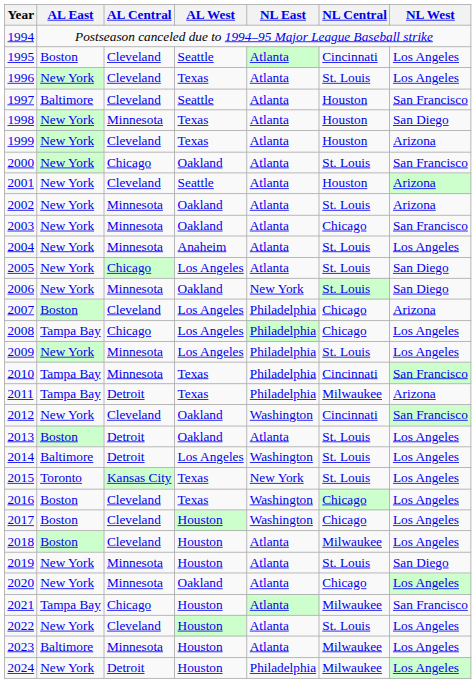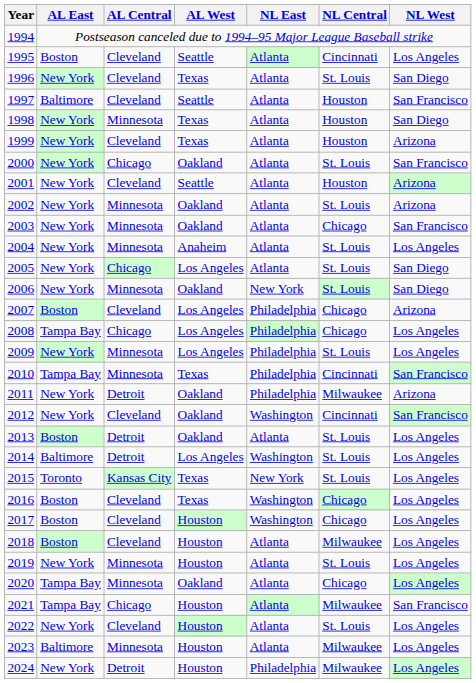 <table class="wikitable sortable">
 <tr>
 <th>Year</th>
 <th><a href='#'>AL East</a></th>
 <th><a href='#'>AL Central</a></th>
 <th><a href='#'>AL West</a></th>
 <th><a href='#'>NL East</a></th>
 <th><a href='#'>NL Central</a></th>
 <th><a href='#'>NL West</a></th>
 </tr>
 <tr>
 <td><a href='#'>1994</a></td>
 <td colspan="6" align=center><em>Postseason canceled due to <a href='#'>1994–95 Major League Baseball strike</a></em></td>
 </tr>
 <tr>
 <td><a href='#'>1995</a></td>
 <td><a href='#'>Boston</a></td>
 <td><a href='#'>Cleveland</a></td>
 <td><a href='#'>Seattle</a></td>
 <td bgcolor="#ccffcc"><a href='#'>Atlanta</a></td>
 <td><a href='#'>Cincinnati</a></td>
 <td><a href='#'>Los Angeles</a></td>
 </tr>
 <tr>
 <td><a href='#'>1996</a></td>
 <td bgcolor="#ccffcc"><a href='#'>New York</a></td>
 <td><a href='#'>Cleveland</a></td>
 <td><a href='#'>Texas</a></td>
 <td><a href='#'>Atlanta</a></td>
 <td><a href='#'>St. Louis</a></td>
-<td><a href='#'>Los Angeles</a></td>
+<td><a href='#'>San Diego</a></td>
 </tr>
 <tr>
 <td><a href='#'>1997</a></td>
 <td><a href='#'>Baltimore</a></td>
 <td><a href='#'>Cleveland</a></td>
 <td><a href='#'>Seattle</a></td>
 <td><a href='#'>Atlanta</a></td>
 <td><a href='#'>Houston</a></td>
 <td><a href='#'>San Francisco</a></td>
 </tr>
 <tr>
 <td><a href='#'>1998</a></td>
 <td bgcolor="#ccffcc"><a href='#'>New York</a></td>
 <td><a href='#'>Minnesota</a></td>
 <td><a href='#'>Texas</a></td>
 <td><a href='#'>Atlanta</a></td>
 <td><a href='#'>Houston</a></td>
 <td><a href='#'>San Diego</a></td>
 </tr>
 <tr>
 <td><a href='#'>1999</a></td>
 <td bgcolor="#ccffcc"><a href='#'>New York</a></td>
 <td><a href='#'>Cleveland</a></td>
 <td><a href='#'>Texas</a></td>
 <td><a href='#'>Atlanta</a></td>
 <td><a href='#'>Houston</a></td>
 <td><a href='#'>Arizona</a></td>
 </tr>
 <tr>
 <td><a href='#'>2000</a></td>
 <td bgcolor="#ccffcc"><a href='#'>New York</a></td>
 <td><a href='#'>Chicago</a></td>
 <td><a href='#'>Oakland</a></td>
 <td><a href='#'>Atlanta</a></td>
 <td><a href='#'>St. Louis</a></td>
 <td><a href='#'>San Francisco</a></td>
 </tr>
 <tr>
 <td><a href='#'>2001</a></td>
 <td><a href='#'>New York</a></td>
 <td><a href='#'>Cleveland</a></td>
 <td><a href='#'>Seattle</a></td>
 <td><a href='#'>Atlanta</a></td>
 <td><a href='#'>Houston</a></td>
 <td bgcolor="#ccffcc"><a href='#'>Arizona</a></td>
 </tr>
 <tr>
 <td><a href='#'>2002</a></td>
 <td><a href='#'>New York</a></td>
 <td><a href='#'>Minnesota</a></td>
 <td><a href='#'>Oakland</a></td>
 <td><a href='#'>Atlanta</a></td>
 <td><a href='#'>St. Louis</a></td>
 <td><a href='#'>Arizona</a></td>
 </tr>
 <tr>
 <td><a href='#'>2003</a></td>
 <td><a href='#'>New York</a></td>
 <td><a href='#'>Minnesota</a></td>
 <td><a href='#'>Oakland</a></td>
 <td><a href='#'>Atlanta</a></td>
 <td><a href='#'>Chicago</a></td>
 <td><a href='#'>San Francisco</a></td>
 </tr>
 <tr>
 <td><a href='#'>2004</a></td>
 <td><a href='#'>New York</a></td>
 <td><a href='#'>Minnesota</a></td>
 <td><a href='#'>Anaheim</a></td>
 <td><a href='#'>Atlanta</a></td>
 <td><a href='#'>St. Louis</a></td>
 <td><a href='#'>Los Angeles</a></td>
 </tr>
 <tr>
 <td><a href='#'>2005</a></td>
 <td><a href='#'>New York</a></td>
 <td bgcolor="#ccffcc"><a href='#'>Chicago</a></td>
 <td><a href='#'>Los Angeles</a></td>
 <td><a href='#'>Atlanta</a></td>
 <td><a href='#'>St. Louis</a></td>
 <td><a href='#'>San Diego</a></td>
 </tr>
 <tr>
 <td><a href='#'>2006</a></td>
 <td><a href='#'>New York</a></td>
 <td><a href='#'>Minnesota</a></td>
 <td><a href='#'>Oakland</a></td>
 <td><a href='#'>New York</a></td>
 <td bgcolor="#ccffcc"><a href='#'>St. Louis</a></td>
 <td><a href='#'>San Diego</a></td>
 </tr>
 <tr>
 <td><a href='#'>2007</a></td>
 <td bgcolor="#ccffcc"><a href='#'>Boston</a></td>
 <td><a href='#'>Cleveland</a></td>
 <td><a href='#'>Los Angeles</a></td>
 <td><a href='#'>Philadelphia</a></td>
 <td><a href='#'>Chicago</a></td>
 <td><a href='#'>Arizona</a></td>
 </tr>
 <tr>
 <td><a href='#'>2008</a></td>
 <td><a href='#'>Tampa Bay</a></td>
 <td><a href='#'>Chicago</a></td>
 <td><a href='#'>Los Angeles</a></td>
 <td bgcolor="#ccffcc"><a href='#'>Philadelphia</a></td>
 <td><a href='#'>Chicago</a></td>
 <td><a href='#'>Los Angeles</a></td>
 </tr>
 <tr>
 <td><a href='#'>2009</a></td>
 <td bgcolor="#ccffcc"><a href='#'>New York</a></td>
 <td><a href='#'>Minnesota</a></td>
 <td><a href='#'>Los Angeles</a></td>
 <td><a href='#'>Philadelphia</a></td>
 <td><a href='#'>St. Louis</a></td>
 <td><a href='#'>Los Angeles</a></td>
 </tr>
 <tr>
 <td><a href='#'>2010</a></td>
 <td><a href='#'>Tampa Bay</a></td>
 <td><a href='#'>Minnesota</a></td>
 <td><a href='#'>Texas</a></td>
 <td><a href='#'>Philadelphia</a></td>
 <td><a href='#'>Cincinnati</a></td>
 <td bgcolor="#ccffcc"><a href='#'>San Francisco</a></td>
 </tr>
 <tr>
 <td><a href='#'>2011</a></td>
-<td><a href='#'>Tampa Bay</a></td>
+<td><a href='#'>New York</a></td>
 <td><a href='#'>Detroit</a></td>
-<td><a href='#'>Texas</a></td>
+<td><a href='#'>Oakland</a></td>
 <td><a href='#'>Philadelphia</a></td>
 <td><a href='#'>Milwaukee</a></td>
 <td><a href='#'>Arizona</a></td>
 </tr>
 <tr>
 <td><a href='#'>2012</a></td>
 <td><a href='#'>New York</a></td>
 <td><a href='#'>Cleveland</a></td>
 <td><a href='#'>Oakland</a></td>
 <td><a href='#'>Washington</a></td>
 <td><a href='#'>Cincinnati</a></td>
 <td bgcolor="#ccffcc"><a href='#'>San Francisco</a></td>
 </tr>
 <tr>
 <td><a href='#'>2013</a></td>
 <td bgcolor="#ccffcc"><a href='#'>Boston</a></td>
 <td><a href='#'>Detroit</a></td>
 <td><a href='#'>Oakland</a></td>
 <td><a href='#'>Atlanta</a></td>
 <td><a href='#'>St. Louis</a></td>
 <td><a href='#'>Los Angeles</a></td>
 </tr>
 <tr>
 <td><a href='#'>2014</a></td>
 <td><a href='#'>Baltimore</a></td>
 <td><a href='#'>Detroit</a></td>
 <td><a href='#'>Los Angeles</a></td>
 <td><a href='#'>Washington</a></td>
 <td><a href='#'>St. Louis</a></td>
 <td><a href='#'>Los Angeles</a></td>
 </tr>
 <tr>
 <td><a href='#'>2015</a></td>
 <td><a href='#'>Toronto</a></td>
 <td bgcolor="#ccffcc"><a href='#'>Kansas City</a></td>
 <td><a href='#'>Texas</a></td>
 <td><a href='#'>New York</a></td>
 <td><a href='#'>St. Louis</a></td>
 <td><a href='#'>Los Angeles</a></td>
 </tr>
 <tr>
 <td><a href='#'>2016</a></td>
 <td><a href='#'>Boston</a></td>
 <td><a href='#'>Cleveland</a></td>
 <td><a href='#'>Texas</a></td>
 <td><a href='#'>Washington</a></td>
 <td bgcolor="#ccffcc"><a href='#'>Chicago</a></td>
 <td><a href='#'>Los Angeles</a></td>
 </tr>
 <tr>
 <td><a href='#'>2017</a></td>
 <td><a href='#'>Boston</a></td>
 <td><a href='#'>Cleveland</a></td>
 <td bgcolor="#ccffcc"><a href='#'>Houston</a></td>
 <td><a href='#'>Washington</a></td>
 <td><a href='#'>Chicago</a></td>
 <td><a href='#'>Los Angeles</a></td>
 </tr>
 <tr>
 <td><a href='#'>2018</a></td>
 <td bgcolor="#ccffcc"><a href='#'>Boston</a></td>
 <td><a href='#'>Cleveland</a></td>
 <td><a href='#'>Houston</a></td>
 <td><a href='#'>Atlanta</a></td>
 <td><a href='#'>Milwaukee</a></td>
 <td><a href='#'>Los Angeles</a></td>
 </tr>
 <tr>
 <td><a href='#'>2019</a></td>
 <td><a href='#'>New York</a></td>
 <td><a href='#'>Minnesota</a></td>
 <td><a href='#'>Houston</a></td>
 <td><a href='#'>Atlanta</a></td>
 <td><a href='#'>St. Louis</a></td>
-<td><a href='#'>San Diego</a></td>
+<td><a href='#'>Los Angeles</a></td>
 </tr>
 <tr>
 <td><a href='#'>2020</a></td>
-<td><a href='#'>New York</a></td>
+<td><a href='#'>Tampa Bay</a></td>
 <td><a href='#'>Minnesota</a></td>
 <td><a href='#'>Oakland</a></td>
 <td><a href='#'>Atlanta</a></td>
 <td><a href='#'>Chicago</a></td>
 <td bgcolor="#ccffcc"><a href='#'>Los Angeles</a></td>
 </tr>
 <tr>
 <td><a href='#'>2021</a></td>
 <td><a href='#'>Tampa Bay</a></td>
 <td><a href='#'>Chicago</a></td>
 <td><a href='#'>Houston</a></td>
 <td bgcolor="#ccffcc"><a href='#'>Atlanta</a></td>
 <td><a href='#'>Milwaukee</a></td>
 <td><a href='#'>San Francisco</a></td>
 </tr>
 <tr>
 <td><a href='#'>2022</a></td>
 <td><a href='#'>New York</a></td>
 <td><a href='#'>Cleveland</a></td>
 <td bgcolor="#ccffcc"><a href='#'>Houston</a></td>
 <td><a href='#'>Atlanta</a></td>
 <td><a href='#'>St. Louis</a></td>
 <td><a href='#'>Los Angeles</a></td>
 </tr>
 <tr>
 <td><a href='#'>2023</a></td>
 <td><a href='#'>Baltimore</a></td>
 <td><a href='#'>Minnesota</a></td>
 <td><a href='#'>Houston</a></td>
 <td><a href='#'>Atlanta</a></td>
 <td><a href='#'>Milwaukee</a></td>
 <td><a href='#'>Los Angeles</a></td>
 </tr>
 <tr>
 <td><a href='#'>2024</a></td>
 <td><a href='#'>New York</a></td>
 <td><a href='#'>Detroit</a></td>
 <td><a href='#'>Houston</a></td>
 <td><a href='#'>Philadelphia</a></td>
 <td><a href='#'>Milwaukee</a></td>
 <td bgcolor="#ccffcc"><a href='#'>Los Angeles</a></td>
 </tr>
 </table>
